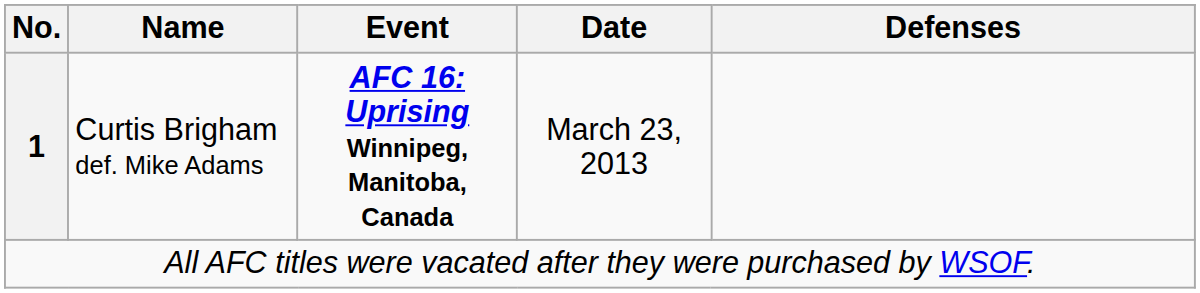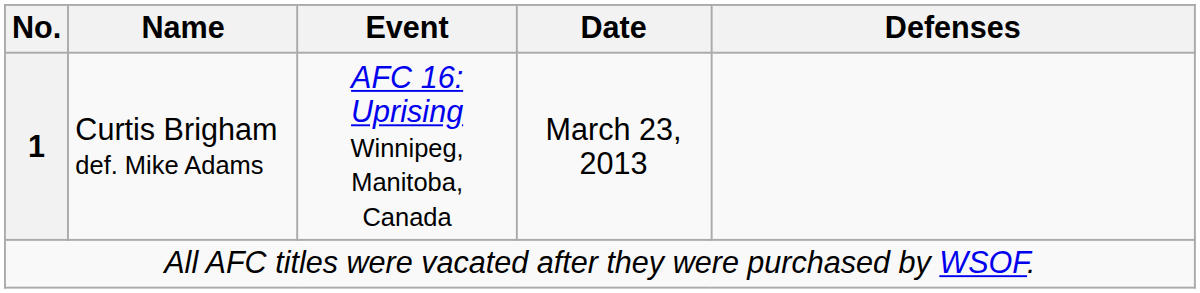 <table class="wikitable" width=100%>
 <tr>
 <th width=1%>No.</th>
 <th width=20%>Name</th>
 <th width=19%>Event</th>
 <th width=17%>Date</th>
 <th width=44%>Defenses</th>
 </tr>
 <tr>
 <th>1</th>
 <td align=left> Curtis Brigham<br><small>def. Mike Adams</small></td>
-<td align=center><strong><em><a href='#'>AFC 16:</a><br><a href='#'>Uprising</a></em><br><small>Winnipeg, Manitoba, Canada</small></strong></td>
+<td align=center><em><a href='#'>AFC 16:</a><br><a href='#'>Uprising</a></em><br><small>Winnipeg, Manitoba, Canada</small></td>
 <td align=center>March 23, 2013</td>
 <td></td>
 </tr>
 <tr>
 <td align="center" colspan="5"><em>All AFC titles were vacated after they were purchased by <a href='#'>WSOF</a>.</em></td>
 </tr>
 </table>
